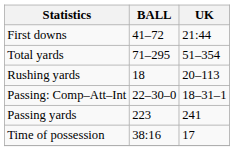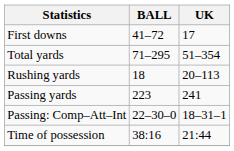 <table class="wikitable" style="float: left;">
 <tr>
 <th>Statistics</th>
 <th>BALL</th>
 <th>UK</th>
 </tr>
 <tr>
 <td>First downs</td>
 <td>41–72</td>
-<td>21:44</td>
+<td>17</td>
 </tr>
 <tr>
 <td>Total yards</td>
 <td>71–295</td>
 <td>51–354</td>
 </tr>
 <tr>
 <td>Rushing yards</td>
 <td>18</td>
 <td>20–113</td>
 </tr>
 <tr>
+<td>Passing yards</td>
+<td>223</td>
+<td>241</td>
+</tr>
+<tr>
 <td>Passing: Comp–Att–Int</td>
 <td>22–30–0</td>
 <td>18–31–1</td>
 </tr>
 <tr>
-<td>Passing yards</td>
-<td>223</td>
-<td>241</td>
-</tr>
-<tr>
 <td>Time of possession</td>
 <td>38:16</td>
-<td>17</td>
+<td>21:44</td>
 </tr>
 <tr>
 </tr>
 </table>
